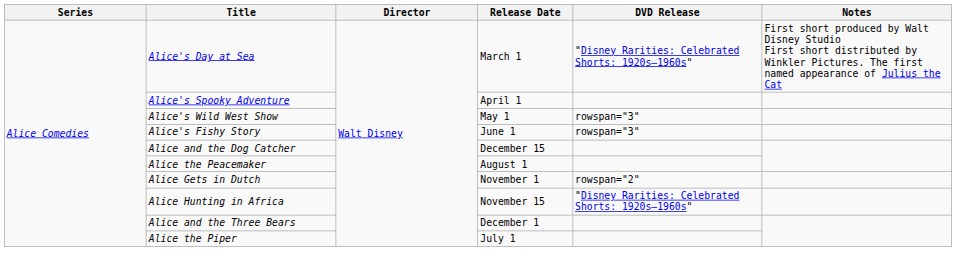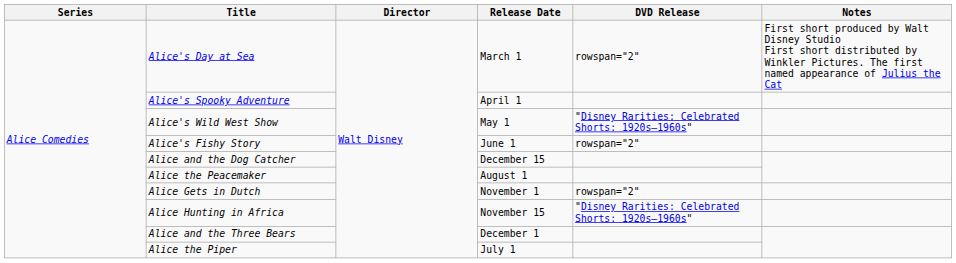 <table class="wikitable" style="width:100%;">
 <tr>
 <th style="width:15%;">Series</th>
 <th style="width:20%;">Title</th>
 <th style="width:15%;">Director</th>
 <th style="width:10%;">Release Date</th>
 <th style="width:20%;">DVD Release</th>
 <th style="width:20%;">Notes</th>
 </tr>
 <tr>
 <td rowspan="10"><em><a href='#'>Alice Comedies</a></em></td>
 <td><em><a href='#'>Alice's Day at Sea</a></em></td>
 <td rowspan="10"><a href='#'>Walt Disney</a></td>
 <td>March 1</td>
-<td>"<a href='#'>Disney Rarities: Celebrated Shorts: 1920s–1960s</a>"</td>
+<td>rowspan="2" </td>
 <td>First short produced by Walt Disney Studio <br>First short distributed by Winkler Pictures. The first named appearance of <a href='#'>Julius the Cat</a></td>
 </tr>
 <tr>
 <td><em><a href='#'>Alice's Spooky Adventure</a></em></td>
 <td>April 1</td>
 <td></td>
 </tr>
 <tr>
 <td><em>Alice's Wild West Show</em></td>
 <td>May 1</td>
-<td>rowspan="3" </td>
+<td>"<a href='#'>Disney Rarities: Celebrated Shorts: 1920s–1960s</a>"</td>
 <td></td>
 </tr>
 <tr>
 <td><em>Alice's Fishy Story</em></td>
 <td>June 1</td>
-<td>rowspan="3" </td>
+<td>rowspan="2" </td>
 <td></td>
 </tr>
 <tr>
 <td><em>Alice and the Dog Catcher</em></td>
 <td>December 15</td>
 <td></td>
 </tr>
 <tr>
 <td><em>Alice the Peacemaker</em></td>
 <td>August 1</td>
 <td></td>
 </tr>
 <tr>
 <td><em>Alice Gets in Dutch</em></td>
 <td>November 1</td>
 <td>rowspan="2" </td>
 <td></td>
 </tr>
 <tr>
 <td><em>Alice Hunting in Africa</em></td>
 <td>November 15</td>
 <td>"<a href='#'>Disney Rarities: Celebrated Shorts: 1920s–1960s</a>"</td>
 <td></td>
 </tr>
 <tr>
 <td><em>Alice and the Three Bears</em></td>
 <td>December 1</td>
 <td></td>
 </tr>
 <tr>
 <td><em>Alice the Piper</em></td>
 <td>July 1</td>
 <td></td>
 </tr>
 </table>
